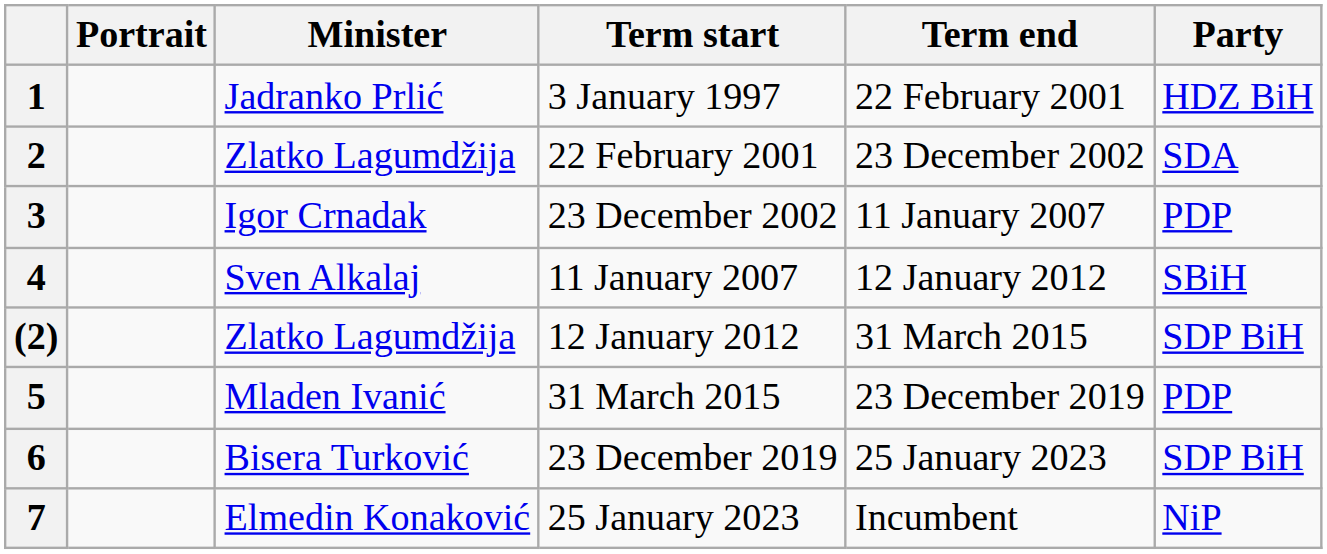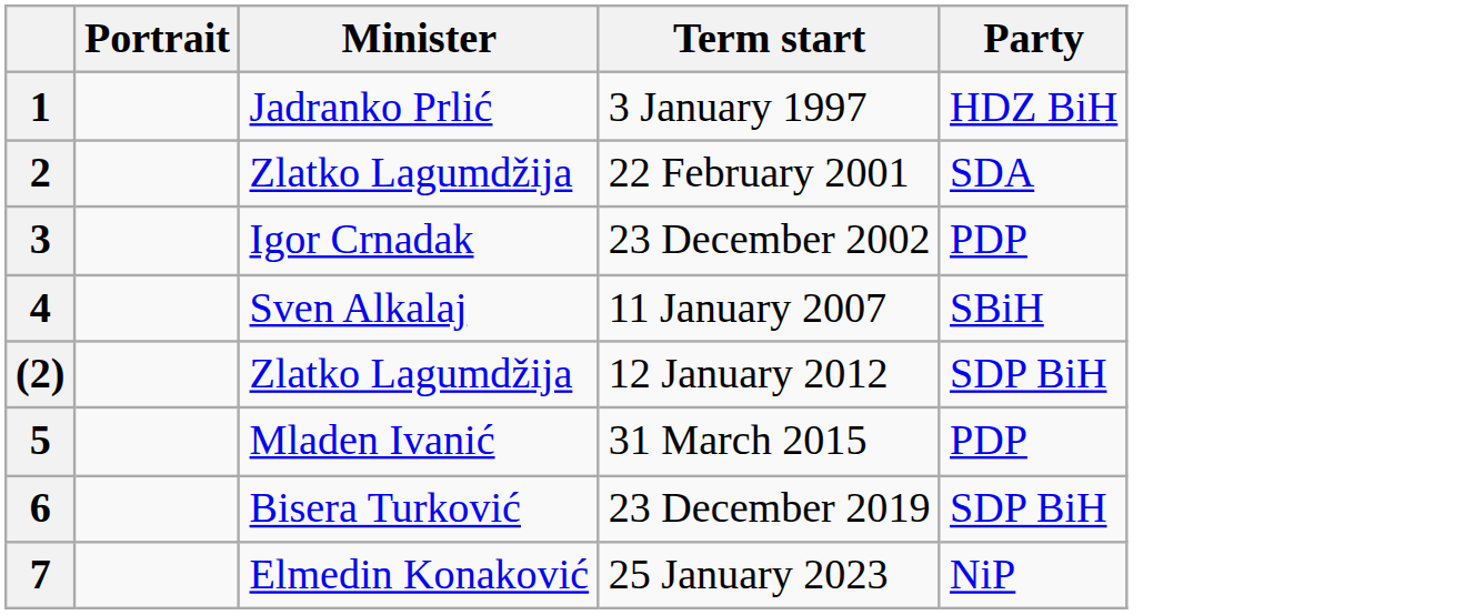 <table class="wikitable" style="text-align: left;">
 <tr>
 <th></th>
 <th>Portrait</th>
 <th>Minister</th>
 <th>Term start</th>
-<th>Term end</th>
 <th>Party</th>
 </tr>
 <tr>
 <th style="background:">1</th>
 <td></td>
 <td><a href='#'>Jadranko Prlić</a></td>
 <td>3 January 1997</td>
-<td>22 February 2001</td>
 <td><a href='#'>HDZ BiH</a></td>
 </tr>
 <tr>
 <th style="background:">2</th>
 <td></td>
 <td><a href='#'>Zlatko Lagumdžija</a></td>
 <td>22 February 2001</td>
-<td>23 December 2002</td>
 <td><a href='#'>SDA</a></td>
 </tr>
 <tr>
 <th style="background:">3</th>
 <td></td>
 <td><a href='#'>Igor Crnadak</a></td>
 <td>23 December 2002</td>
-<td>11 January 2007</td>
 <td><a href='#'>PDP</a></td>
 </tr>
 <tr>
 <th style="background:">4</th>
 <td></td>
 <td><a href='#'>Sven Alkalaj</a></td>
 <td>11 January 2007</td>
-<td>12 January 2012</td>
 <td><a href='#'>SBiH</a></td>
 </tr>
 <tr>
 <th style="background:">(2)</th>
 <td></td>
 <td><a href='#'>Zlatko Lagumdžija</a></td>
 <td>12 January 2012</td>
-<td>31 March 2015</td>
 <td><a href='#'>SDP BiH</a></td>
 </tr>
 <tr>
 <th style="background:">5</th>
 <td></td>
 <td><a href='#'>Mladen Ivanić</a></td>
 <td>31 March 2015</td>
-<td>23 December 2019</td>
 <td><a href='#'>PDP</a></td>
 </tr>
 <tr>
 <th style="background:">6</th>
 <td></td>
 <td><a href='#'>Bisera Turković</a></td>
 <td>23 December 2019</td>
-<td>25 January 2023</td>
 <td><a href='#'>SDP BiH</a></td>
 </tr>
 <tr>
 <th style="background:">7</th>
 <td></td>
 <td><a href='#'>Elmedin Konaković</a></td>
 <td>25 January 2023</td>
-<td>Incumbent</td>
 <td><a href='#'>NiP</a></td>
 </tr>
 </table>
